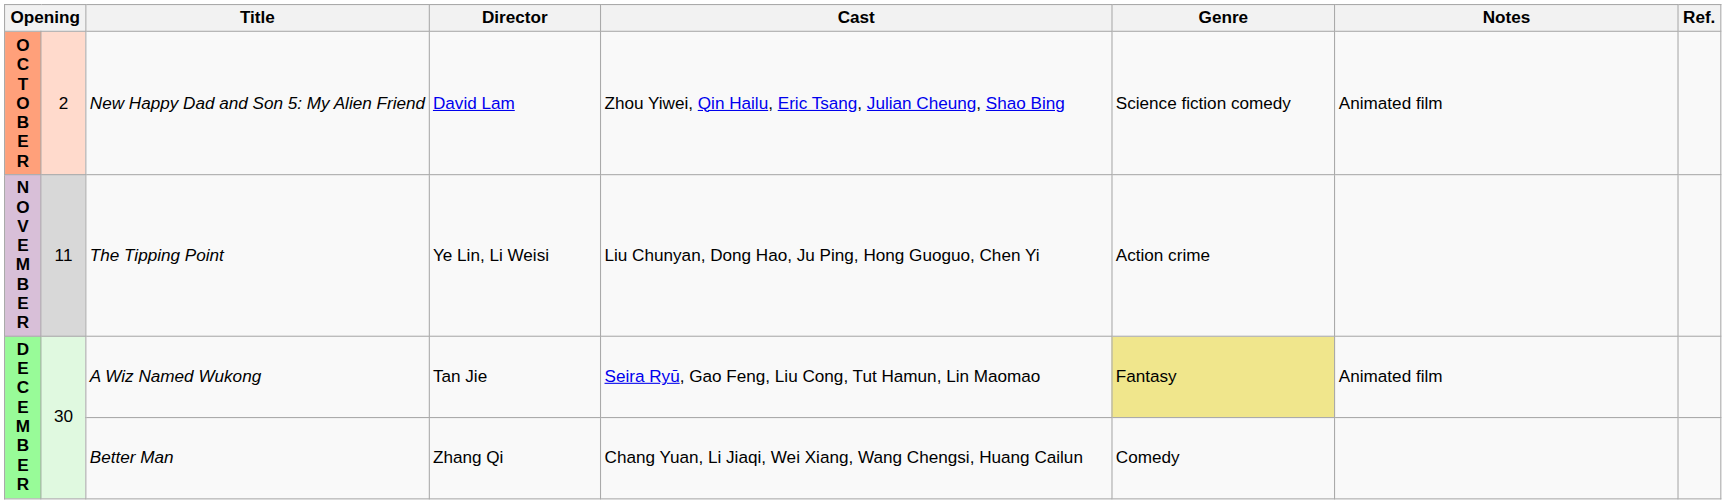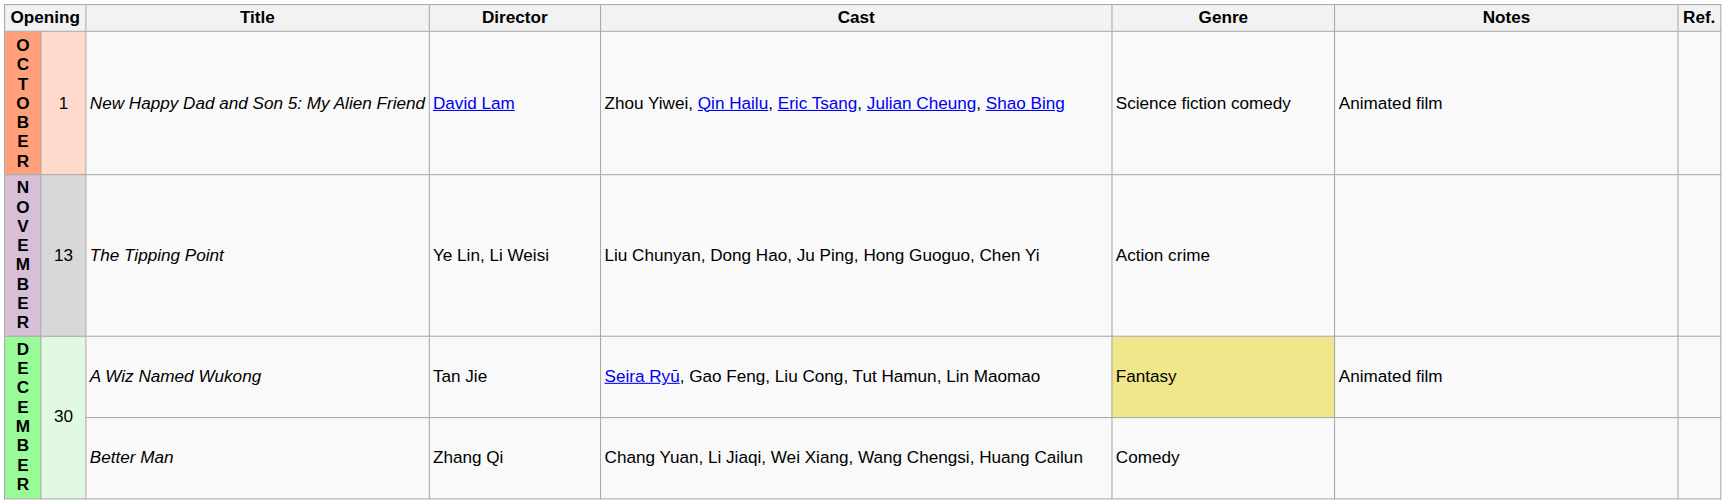 <table class="wikitable">
 <tr>
 <th colspan="2">Opening</th>
 <th style="width:20%;">Title</th>
 <th style="width:10%;">Director</th>
 <th>Cast</th>
 <th style="width:13%">Genre</th>
 <th style="width:20%">Notes</th>
 <th>Ref.</th>
 </tr>
 <tr>
 <th rowspan="1" style="text-align:center; background:#ffa07a; textcolor:#000;">O<br>C<br>T<br>O<br>B<br>E<br>R</th>
-<td style="text-align:center; background:#ffdacc; textcolor:#000;">2</td>
+<td style="text-align:center; background:#ffdacc; textcolor:#000;">1</td>
 <td><em>New Happy Dad and Son 5: My Alien Friend</em></td>
 <td><a href='#'>David Lam</a></td>
 <td>Zhou Yiwei, <a href='#'>Qin Hailu</a>, <a href='#'>Eric Tsang</a>, <a href='#'>Julian Cheung</a>, <a href='#'>Shao Bing</a></td>
 <td>Science fiction comedy</td>
 <td>Animated film</td>
 <td style="text-align:center;"></td>
 </tr>
 <tr>
 <th style="text-align:center; background:thistle; textcolor:#000;">N<br>O<br>V<br>E<br>M<br>B<br>E<br>R</th>
-<td style="text-align:center; background:#d8d8d8; textcolor:#000;">11</td>
+<td style="text-align:center; background:#d8d8d8; textcolor:#000;">13</td>
 <td><em>The Tipping Point</em></td>
 <td>Ye Lin, Li Weisi</td>
 <td>Liu Chunyan, Dong Hao, Ju Ping, Hong Guoguo, Chen Yi</td>
 <td>Action crime</td>
 <td></td>
 <td style="text-align:center;"></td>
 </tr>
 <tr>
 <th rowspan="2" style="text-align:center; background:#98fb98; textcolor:#000;">D<br>E<br>C<br>E<br>M<br>B<br>E<br>R</th>
 <td rowspan="2" style="text-align:center; background:#e0f9e0;">30</td>
 <td><em>A Wiz Named Wukong</em></td>
 <td>Tan Jie</td>
 <td><a href='#'>Seira Ryū</a>, Gao Feng, Liu Cong, Tut Hamun, Lin Maomao</td>
 <td style="background: khaki;">Fantasy</td>
 <td>Animated film</td>
 <td style="text-align:center;"></td>
 </tr>
 <tr>
 <td><em>Better Man</em></td>
 <td>Zhang Qi</td>
 <td>Chang Yuan, Li Jiaqi, Wei Xiang, Wang Chengsi, Huang Cailun</td>
 <td>Comedy</td>
 <td></td>
 <td style="text-align:center;"></td>
 </tr>
 </table>
